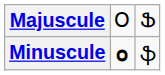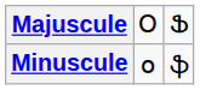 <table class="wikitable" style="text-align:center;">
 <tr>
 <th><a href='#'>Majuscule</a></th>
 <td>Օ</td>
 <td>Ֆ</td>
 </tr>
 <tr>
 <th><a href='#'>Minuscule</a></th>
-<td><strong>օ</strong></td>
+<td>օ</td>
 <td>ֆ</td>
 </tr>
 </table>
